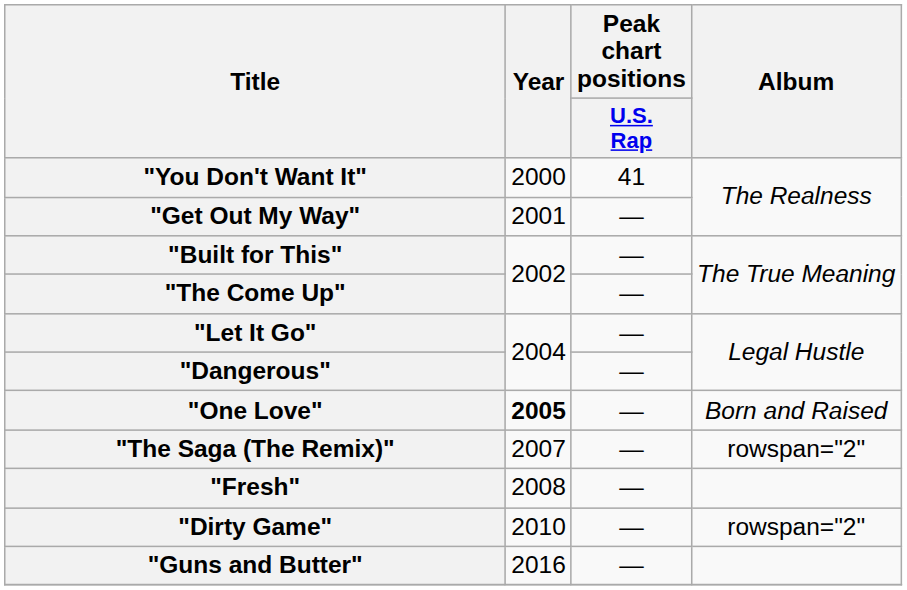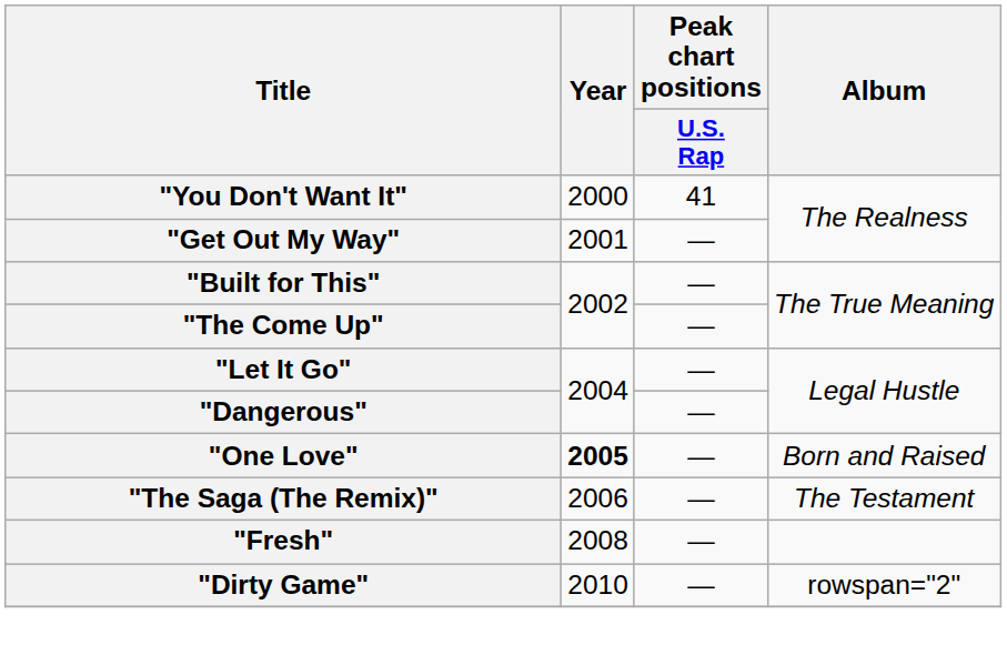 <table class="wikitable plainrowheaders" style="text-align:center;">
 <tr>
 <th scope="col" rowspan="2" style="width:20em;">Title</th>
 <th scope="col" rowspan="2">Year</th>
 <th scope="col" colspan="1">Peak chart positions</th>
 <th scope="col" rowspan="2">Album</th>
 </tr>
 <tr>
 <th scope="col" style="width:3em;font-size:90%;"><a href='#'>U.S.<br>Rap</a><br></th>
 </tr>
 <tr>
 <th>"You Don't Want It"</th>
 <td>2000</td>
 <td>41</td>
 <td rowspan=2><em>The Realness</em></td>
 </tr>
 <tr>
 <th>"Get Out My Way"</th>
 <td>2001</td>
 <td>—</td>
 </tr>
 <tr>
 <th>"Built for This"</th>
 <td rowspan="2">2002</td>
 <td>—</td>
 <td rowspan=2><em>The True Meaning</em></td>
 </tr>
 <tr>
 <th>"The Come Up" </th>
 <td>—</td>
 </tr>
 <tr>
 <th>"Let It Go" </th>
 <td rowspan="2">2004</td>
 <td>—</td>
 <td rowspan=2><em>Legal Hustle</em></td>
 </tr>
 <tr>
 <th>"Dangerous" </th>
 <td>—</td>
 </tr>
 <tr>
 <th>"One Love"</th>
 <td><strong>2005</strong></td>
 <td>—</td>
 <td><em>Born and Raised</em></td>
 </tr>
 <tr>
 <th>"The Saga (The Remix)"</th>
-<td>2007</td>
+<td>2006</td>
 <td>—</td>
-<td>rowspan="2" </td>
+<td><em>The Testament</em></td>
 </tr>
 <tr>
 <th>"Fresh"<br></th>
 <td>2008</td>
 <td>—</td>
 </tr>
 <tr>
 <th>"Dirty Game"</th>
 <td>2010</td>
 <td>—</td>
 <td>rowspan="2" </td>
 </tr>
 <tr>
-<th>"Guns and Butter" </th>
-<td>2016</td>
-<td>—</td>
-<td></td>
-</tr>
-<tr>
 </tr>
 </table>
